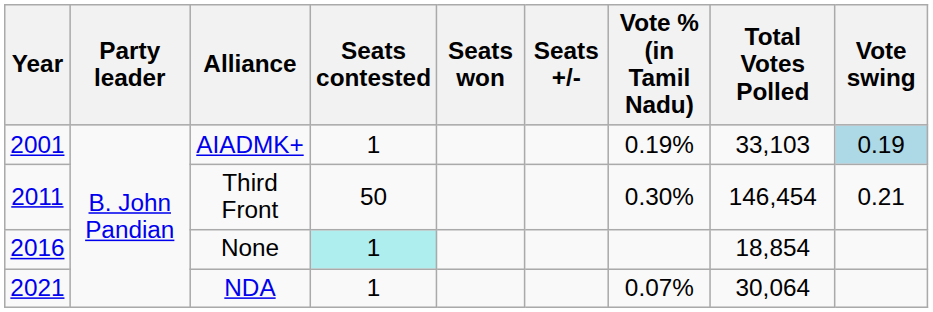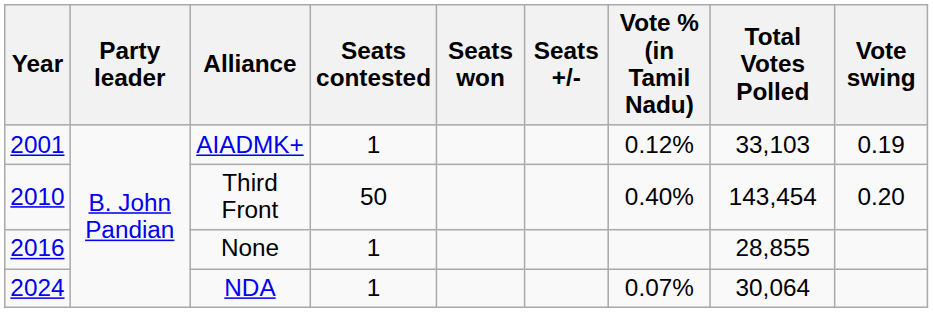 <table class="wikitable sortable">
 <tr>
 <th Style="background-color:">Year</th>
 <th Style="background-color:">Party leader</th>
 <th Style="background-color:">Alliance</th>
 <th Style="background-color:">Seats<br>contested</th>
 <th Style="background-color:">Seats won</th>
 <th Style="background-color:">Seats +/-</th>
 <th Style="background-color:">Vote %<br>(in Tamil Nadu)</th>
 <th Style="background-color:">Total Votes Polled</th>
 <th Style="background-color:">Vote swing</th>
 </tr>
 <tr style="text-align:center;">
 <td><a href='#'>2001</a></td>
 <td rowspan=4><a href='#'>B. John Pandian</a></td>
 <td><a href='#'>AIADMK+</a></td>
 <td>1</td>
 <td></td>
 <td></td>
-<td>0.19%</td>
+<td>0.12%</td>
 <td>33,103</td>
-<td style="background: lightblue;">0.19</td>
+<td>0.19</td>
 </tr>
 <tr style="text-align:center;">
-<td><a href='#'>2011</a></td>
+<td><a href='#'>2010</a></td>
 <td>Third Front</td>
 <td>50</td>
 <td></td>
 <td></td>
-<td>0.30%</td>
-<td>146,454</td>
-<td>0.21</td>
+<td>0.40%</td>
+<td>143,454</td>
+<td>0.20</td>
 </tr>
 <tr style="text-align:center;">
 <td><a href='#'>2016</a></td>
 <td>None</td>
-<td style="background: paleturquoise;">1</td>
+<td>1</td>
 <td></td>
 <td></td>
 <td></td>
-<td>18,854</td>
+<td>28,855</td>
 <td></td>
 </tr>
 <tr style="text-align:center;">
-<td><a href='#'>2021</a></td>
+<td><a href='#'>2024</a></td>
 <td><a href='#'>NDA</a></td>
 <td>1</td>
 <td></td>
 <td></td>
 <td>0.07%</td>
 <td>30,064</td>
 <td></td>
 </tr>
 </table>
